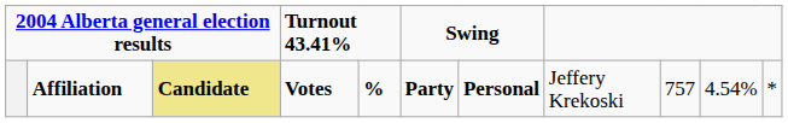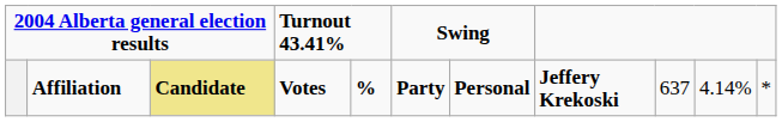 <table class="wikitable">
 <tr>
 <td colspan="3" align=center><strong><a href='#'>2004 Alberta general election</a> results</strong></td>
 <td colspan="2"><strong>Turnout 43.41%</strong></td>
 <td colspan="2" align=center><strong>Swing</strong></td>
 </tr>
 <tr>
 <th style="width: 10px;"></th>
 <td><strong>Affiliation</strong></td>
 <td style="background: khaki;"><strong>Candidate</strong></td>
 <td><strong>Votes</strong></td>
 <td><strong>%</strong></td>
 <td><strong>Party</strong></td>
 <td><strong>Personal</strong><br>  </td>
-<td>Jeffery Krekoski</td>
-<td>757</td>
-<td>4.54%</td>
+<td><strong>Jeffery Krekoski</strong></td>
+<td>637</td>
+<td>4.14%</td>
 <td colspan=2 align=center>*<br>     </td>
 </tr>
 </table>
